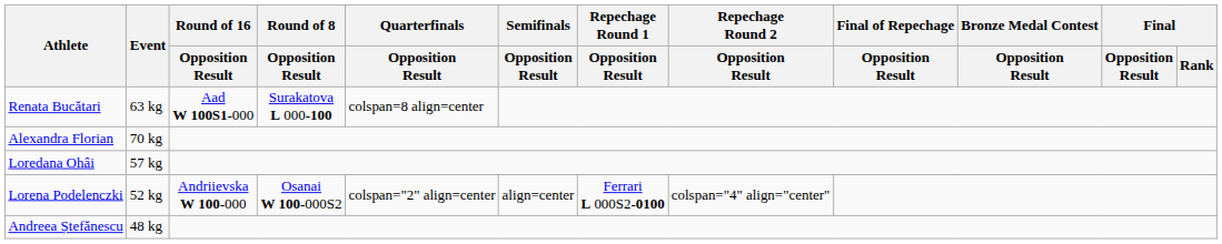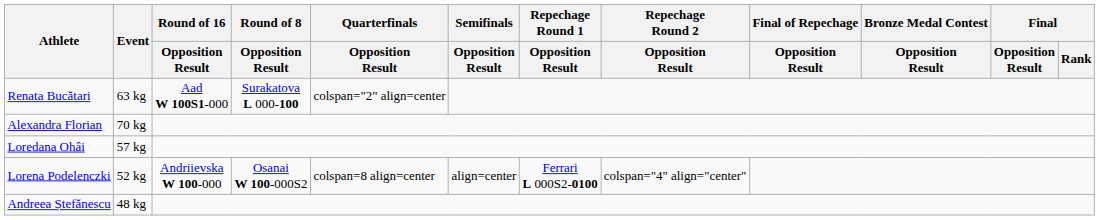 <table class="wikitable" style="font-size:90%">
 <tr>
 <th rowspan="2">Athlete</th>
 <th rowspan="2">Event</th>
 <th colspan="1">Round of 16</th>
 <th colspan="1">Round of 8</th>
 <th colspan="1">Quarterfinals</th>
 <th colspan="1">Semifinals</th>
 <th colspan="1">Repechage<br>Round 1</th>
 <th colspan="1">Repechage<br>Round 2</th>
 <th colspan="1">Final of Repechage</th>
 <th colspan="1">Bronze Medal Contest</th>
 <th colspan="2">Final</th>
 </tr>
 <tr>
 <th>Opposition<br>Result</th>
 <th>Opposition<br>Result</th>
 <th>Opposition<br>Result</th>
 <th>Opposition<br>Result</th>
 <th>Opposition<br>Result</th>
 <th>Opposition<br>Result</th>
 <th>Opposition<br>Result</th>
 <th>Opposition<br>Result</th>
 <th>Opposition<br>Result</th>
 <th>Rank</th>
 </tr>
 <tr>
 <td><a href='#'>Renata Bucătari</a></td>
 <td>63 kg</td>
 <td align=center> <a href='#'>Aad</a> <br><strong>W</strong> <strong>100S1</strong>-000</td>
 <td align=center> <a href='#'>Surakatova</a> <br><strong>L</strong> 000-<strong>100</strong></td>
-<td>colspan=8 align=center </td>
+<td>colspan="2" align=center </td>
 </tr>
 <tr>
 <td><a href='#'>Alexandra Florian</a></td>
 <td>70 kg</td>
 <td colspan="10"></td>
 </tr>
 <tr>
 <td><a href='#'>Loredana Ohâi</a></td>
 <td>57 kg</td>
 <td colspan="10"></td>
 </tr>
 <tr>
 <td><a href='#'>Lorena Podelenczki</a></td>
 <td>52 kg</td>
 <td align=center> <a href='#'>Andriievska</a> <br><strong>W</strong> <strong>100</strong>-000</td>
 <td align=center> <a href='#'>Osanai</a> <br><strong>W</strong> <strong>100</strong>-000S2</td>
-<td>colspan="2" align=center </td>
+<td>colspan=8 align=center </td>
 <td>align=center </td>
 <td align=center> <a href='#'>Ferrari</a> <br><strong>L</strong> 000S2-<strong>0100</strong></td>
 <td>colspan="4" align="center" </td>
 </tr>
 <tr>
 <td><a href='#'>Andreea Ștefănescu</a></td>
 <td>48 kg</td>
 <td colspan="10"></td>
 </tr>
 </table>
